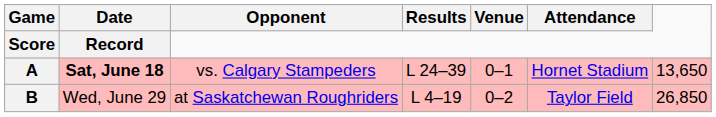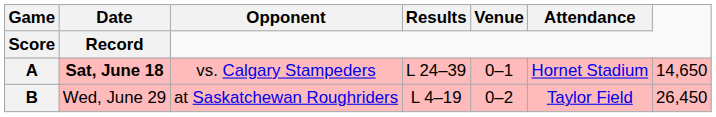 <table class="wikitable" style="text-align:center">
 <tr>
 <th>Game</th>
 <th>Date</th>
 <th>Opponent</th>
 <th>Results</th>
 <th>Venue</th>
 <th>Attendance</th>
 </tr>
 <tr>
 <th>Score</th>
 <th>Record</th>
 </tr>
 <tr style="background:#ffbbbb">
 <th>A</th>
 <td><strong>Sat, June 18</strong></td>
 <td>vs. <a href='#'>Calgary Stampeders</a></td>
 <td>L 24–39</td>
 <td>0–1</td>
 <td><a href='#'>Hornet Stadium</a></td>
-<td>13,650</td>
+<td>14,650</td>
 </tr>
 <tr style="background:#ffbbbb">
 <th>B</th>
 <td>Wed, June 29</td>
 <td>at <a href='#'>Saskatchewan Roughriders</a></td>
 <td>L 4–19</td>
 <td>0–2</td>
 <td><a href='#'>Taylor Field</a></td>
-<td>26,850</td>
+<td>26,450</td>
 </tr>
 </table>
